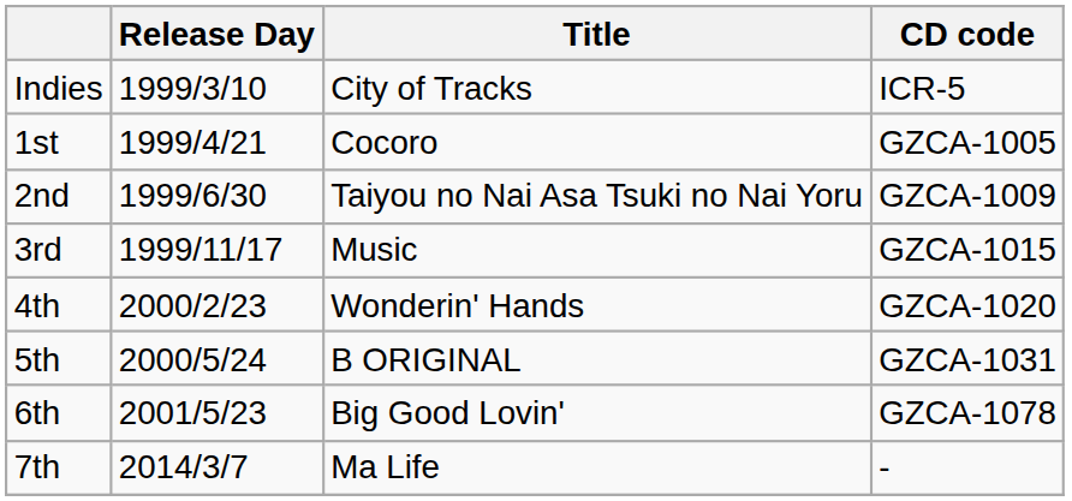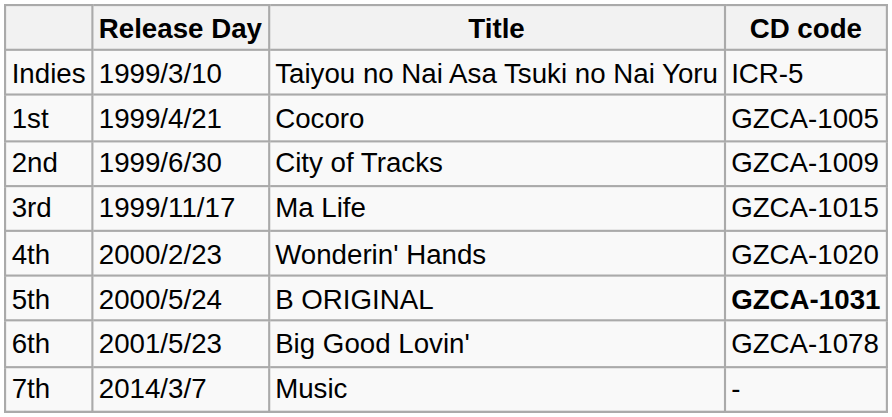 <table class=wikitable style="font-size:small">
 <tr>
 <th></th>
 <th>Release Day</th>
 <th>Title</th>
 <th>CD code</th>
 </tr>
 <tr>
 <td>Indies</td>
 <td>1999/3/10</td>
-<td>City of Tracks</td>
+<td>Taiyou no Nai Asa Tsuki no Nai Yoru</td>
 <td>ICR-5</td>
 </tr>
 <tr>
 <td>1st</td>
 <td>1999/4/21</td>
 <td>Cocoro</td>
 <td>GZCA-1005</td>
 </tr>
 <tr>
 <td>2nd</td>
 <td>1999/6/30</td>
-<td>Taiyou no Nai Asa Tsuki no Nai Yoru</td>
+<td>City of Tracks</td>
 <td>GZCA-1009</td>
 </tr>
 <tr>
 <td>3rd</td>
 <td>1999/11/17</td>
-<td>Music</td>
+<td>Ma Life</td>
 <td>GZCA-1015</td>
 </tr>
 <tr>
 <td>4th</td>
 <td>2000/2/23</td>
 <td>Wonderin' Hands</td>
 <td>GZCA-1020</td>
 </tr>
 <tr>
 <td>5th</td>
 <td>2000/5/24</td>
 <td>B ORIGINAL</td>
-<td>GZCA-1031</td>
+<td><strong>GZCA-1031</strong></td>
 </tr>
 <tr>
 <td>6th</td>
 <td>2001/5/23</td>
 <td>Big Good Lovin'</td>
 <td>GZCA-1078</td>
 </tr>
 <tr>
 <td>7th</td>
 <td>2014/3/7</td>
-<td>Ma Life</td>
+<td>Music</td>
 <td>-</td>
 </tr>
 <tr>
 </tr>
 </table>
